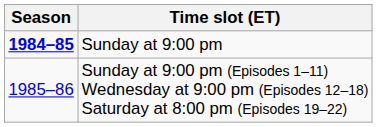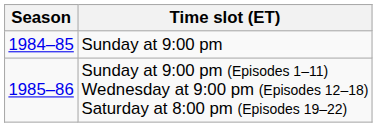 <table class="wikitable">
 <tr>
 <th>Season</th>
 <th>Time slot (ET)</th>
 </tr>
 <tr>
-<td><strong><a href='#'>1984–85</a></strong></td>
+<td><a href='#'>1984–85</a></td>
 <td>Sunday at 9:00 pm</td>
 </tr>
 <tr>
 <td><a href='#'>1985–86</a></td>
 <td>Sunday at 9:00 pm <small>(Episodes 1–11)</small><br>Wednesday at 9:00 pm <small>(Episodes 12–18)</small><br>Saturday at 8:00 pm <small>(Episodes 19–22)</small></td>
 </tr>
 </table>
